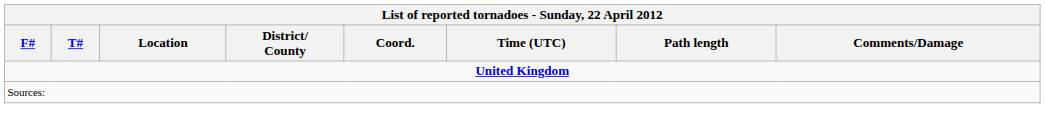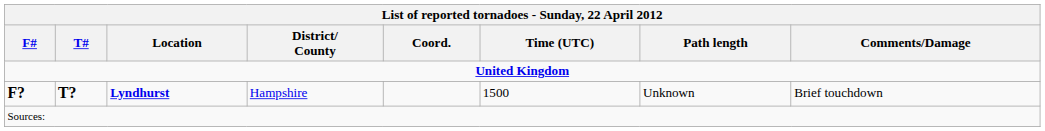 <table class="wikitable collapsible" width="100%">
 <tr>
 <th colspan="8">List of reported tornadoes - Sunday, 22 April 2012</th>
 </tr>
 <tr>
 <th><a href='#'>F#</a></th>
 <th><a href='#'>T#</a></th>
 <th>Location</th>
 <th>District/<br>County</th>
 <th>Coord.</th>
 <th>Time (UTC)</th>
 <th>Path length</th>
 <th>Comments/Damage</th>
 </tr>
 <tr>
 <td colspan="8" align=center><strong><a href='#'>United Kingdom</a></strong></td>
 </tr>
 <tr>
+<td><big><strong>F?</strong></big></td>
+<td><big><strong>T?</strong></big></td>
+<td><strong><a href='#'>Lyndhurst</a></strong></td>
+<td><a href='#'>Hampshire</a></td>
+<td></td>
+<td>1500</td>
+<td>Unknown</td>
+<td>Brief touchdown</td>
+</tr>
+<tr>
 <td colspan="8"><small>Sources:  </small></td>
 </tr>
 </table>
